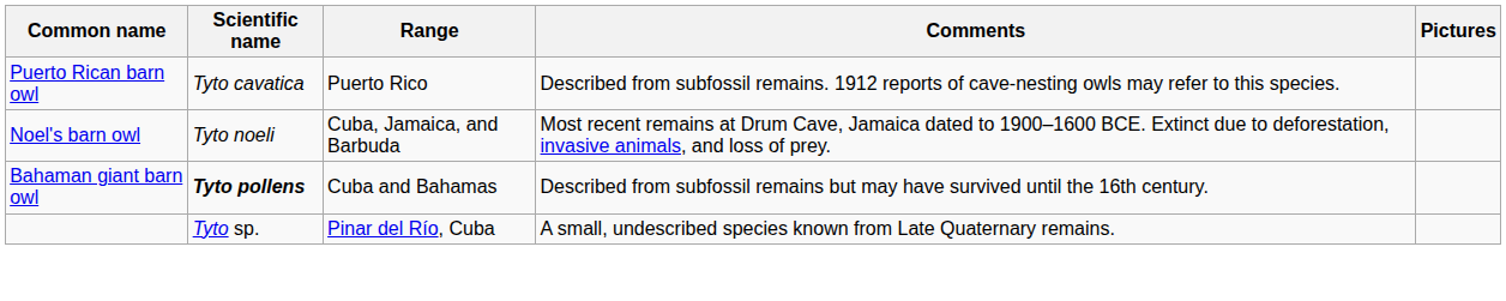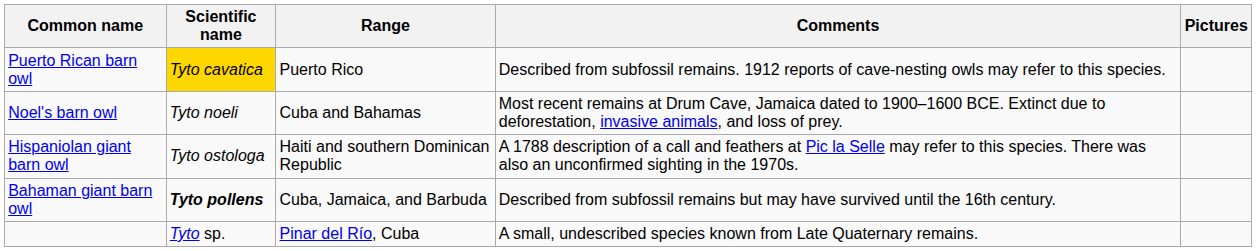 <table class="wikitable">
 <tr>
 <th>Common name</th>
 <th>Scientific name</th>
 <th>Range</th>
 <th class="unsortable">Comments</th>
 <th>Pictures</th>
 </tr>
 <tr>
 <td><a href='#'>Puerto Rican barn owl</a></td>
-<td><em>Tyto cavatica</em></td>
+<td style="background: gold;"><em>Tyto cavatica</em></td>
 <td>Puerto Rico</td>
 <td>Described from subfossil remains. 1912 reports of cave-nesting owls may refer to this species.</td>
 <td></td>
 </tr>
 <tr>
 <td><a href='#'>Noel's barn owl</a></td>
 <td><em>Tyto noeli</em></td>
-<td>Cuba, Jamaica, and Barbuda</td>
+<td>Cuba and Bahamas</td>
 <td>Most recent remains at Drum Cave, Jamaica dated to 1900–1600 BCE. Extinct due to deforestation, <a href='#'>invasive animals</a>, and loss of prey.</td>
+<td></td>
+</tr>
+<tr>
+<td><a href='#'>Hispaniolan giant barn owl</a></td>
+<td><em>Tyto ostologa</em></td>
+<td>Haiti and southern Dominican Republic</td>
+<td>A 1788 description of a call and feathers at <a href='#'>Pic la Selle</a> may refer to this species. There was also an unconfirmed sighting in the 1970s.</td>
 <td></td>
 </tr>
 <tr>
 <td><a href='#'>Bahaman giant barn owl</a></td>
 <td><strong><em>Tyto pollens</em></strong></td>
-<td>Cuba and Bahamas</td>
+<td>Cuba, Jamaica, and Barbuda</td>
 <td>Described from subfossil remains but may have survived until the 16th century.</td>
 <td></td>
 </tr>
 <tr>
 <td></td>
 <td><em><a href='#'>Tyto</a></em> sp.</td>
 <td><a href='#'>Pinar del Río</a>, Cuba</td>
 <td>A small, undescribed species known from Late Quaternary remains.</td>
 <td></td>
 </tr>
 </table>
